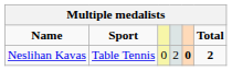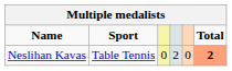 <table class="wikitable" style="font-size:95%">
 <tr style="background:#efefef;">
 <th colspan=7>Multiple medalists</th>
 </tr>
 <tr align=center>
 <td><strong>Name</strong></td>
 <td><strong>Sport</strong></td>
 <td style="background:#F7F6A8;"></td>
 <td style="background:#DCE5E5;"></td>
 <td style="background:#FFDAB9;"></td>
 <td><strong>Total</strong></td>
 </tr>
 <tr align=center>
 <td align=left><a href='#'>Neslihan Kavas</a></td>
 <td><a href='#'>Table Tennis</a></td>
 <td style="background:#F7F6A8;">0</td>
 <td style="background:#DCE5E5;">2</td>
-<td style="background:#FFDAB9;"><strong>0</strong></td>
-<td><strong>2</strong></td>
+<td style="background:#FFDAB9;">0</td>
+<td style="background: lightsalmon;"><strong>2</strong></td>
 </tr>
 </table>
